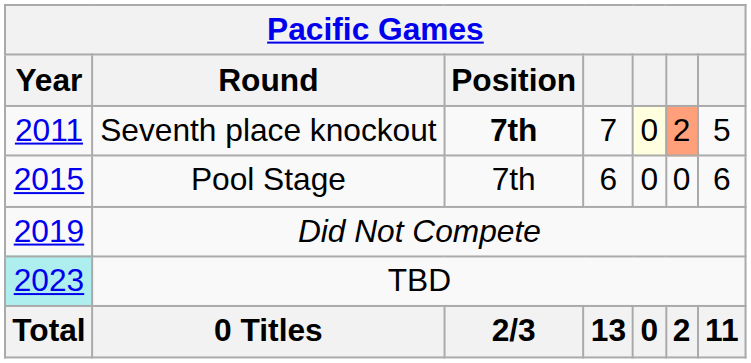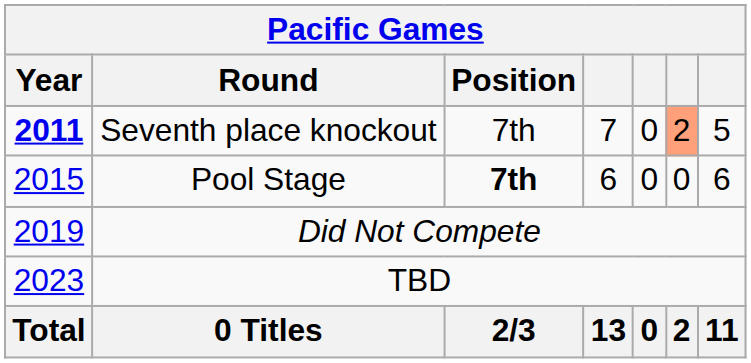 <table class="wikitable" style="text-align: center;">
 <tr>
 <th colspan="7"><a href='#'>Pacific Games</a></th>
 </tr>
 <tr>
 <th>Year</th>
 <th>Round</th>
 <th>Position</th>
 <th></th>
 <th></th>
 <th></th>
 <th></th>
 </tr>
 <tr>
-<td> <a href='#'>2011</a></td>
+<td><strong> <a href='#'>2011</a></strong></td>
 <td>Seventh place knockout</td>
-<td><strong>7th</strong></td>
+<td>7th</td>
 <td>7</td>
-<td style="background: lightyellow;">0</td>
+<td>0</td>
 <td style="background: lightsalmon;">2</td>
 <td>5</td>
 </tr>
 <tr>
 <td> <a href='#'>2015</a></td>
 <td>Pool Stage</td>
-<td>7th</td>
+<td><strong>7th</strong></td>
 <td>6</td>
 <td>0</td>
 <td>0</td>
 <td>6</td>
 </tr>
 <tr>
 <td> <a href='#'>2019</a></td>
 <td colspan="6"><em>Did Not Compete</em></td>
 </tr>
 <tr>
-<td style="background: paleturquoise;"> <a href='#'>2023</a></td>
+<td> <a href='#'>2023</a></td>
 <td colspan="6">TBD</td>
 </tr>
 <tr>
 <th>Total</th>
 <th>0 Titles</th>
 <th>2/3</th>
 <th>13</th>
 <th>0</th>
 <th>2</th>
 <th>11</th>
 </tr>
 </table>
